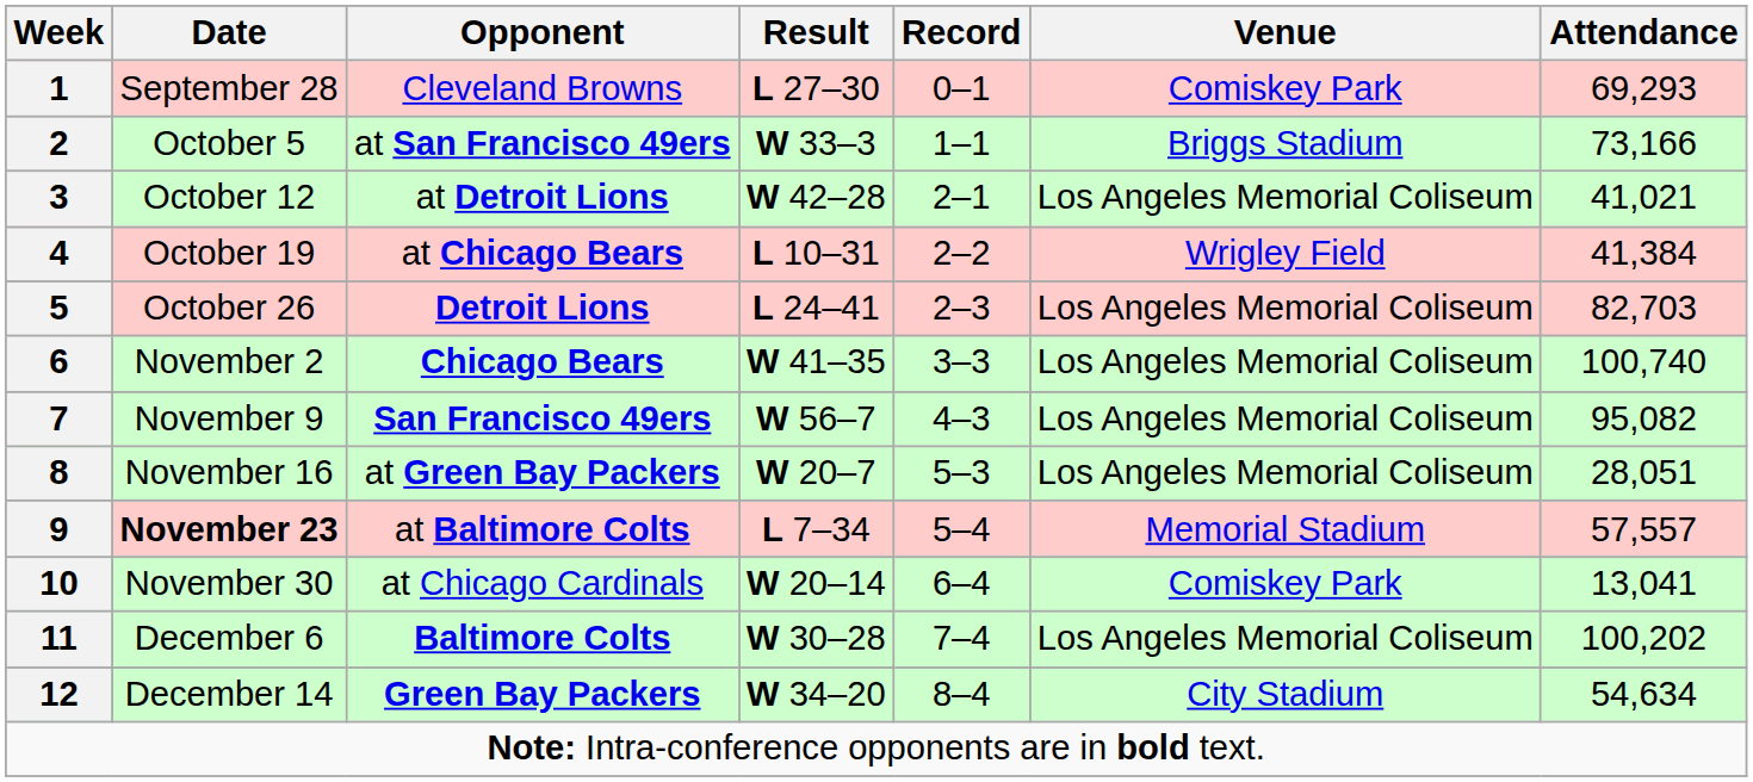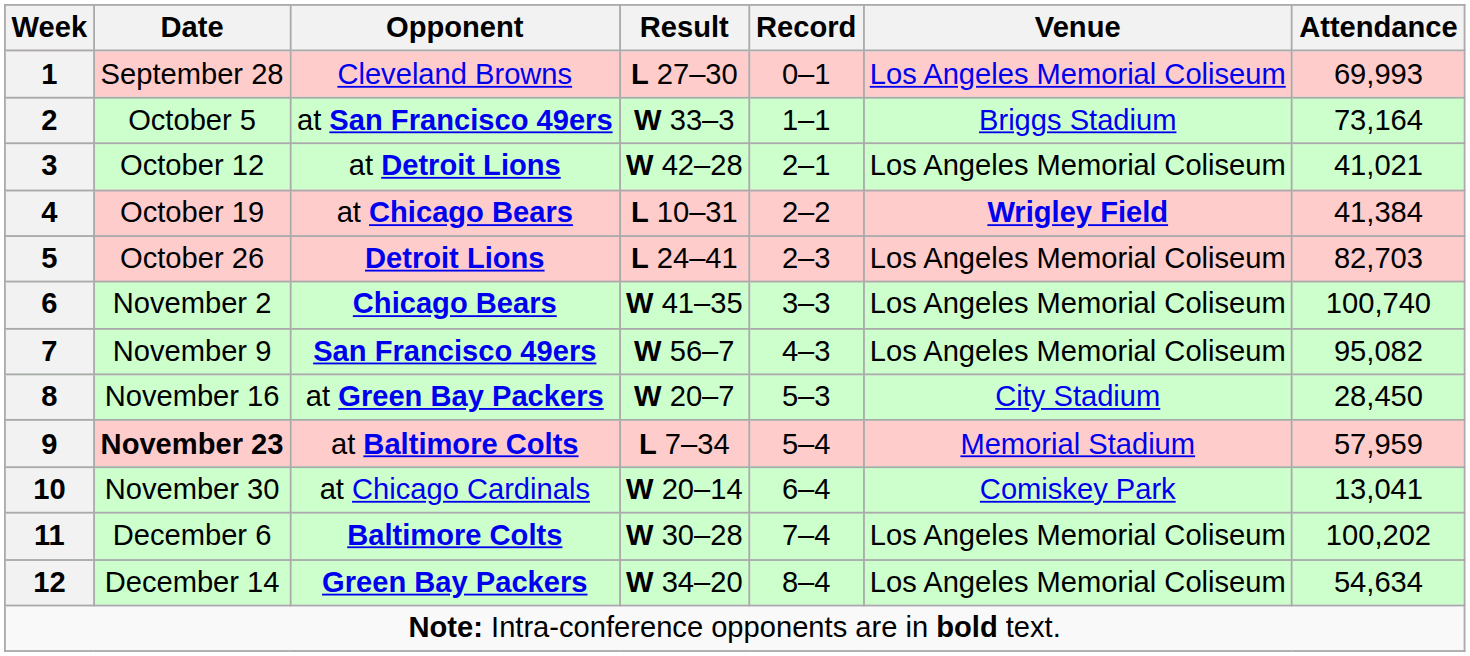 <table class="wikitable" style="text-align:center">
 <tr>
 <th>Week</th>
 <th>Date</th>
 <th>Opponent</th>
 <th>Result</th>
 <th>Record</th>
 <th>Venue</th>
 <th>Attendance</th>
 </tr>
 <tr style="background:#fcc">
 <th>1</th>
 <td>September 28</td>
 <td><a href='#'>Cleveland Browns</a></td>
 <td><strong>L</strong> 27–30</td>
 <td>0–1</td>
-<td><a href='#'>Comiskey Park</a></td>
-<td>69,293</td>
+<td><a href='#'>Los Angeles Memorial Coliseum</a></td>
+<td>69,993</td>
 </tr>
 <tr style="background:#cfc">
 <th>2</th>
 <td>October 5</td>
 <td>at <strong><a href='#'>San Francisco 49ers</a></strong></td>
 <td><strong>W</strong> 33–3</td>
 <td>1–1</td>
 <td><a href='#'>Briggs Stadium</a></td>
-<td>73,166</td>
+<td>73,164</td>
 </tr>
 <tr style="background:#cfc">
 <th>3</th>
 <td>October 12</td>
 <td>at <strong><a href='#'>Detroit Lions</a></strong></td>
 <td><strong>W</strong> 42–28</td>
 <td>2–1</td>
 <td>Los Angeles Memorial Coliseum</td>
 <td>41,021</td>
 </tr>
 <tr style="background:#fcc">
 <th>4</th>
 <td>October 19</td>
 <td>at <strong><a href='#'>Chicago Bears</a></strong></td>
 <td><strong>L</strong> 10–31</td>
 <td>2–2</td>
-<td><a href='#'>Wrigley Field</a></td>
+<td><strong><a href='#'>Wrigley Field</a></strong></td>
 <td>41,384</td>
 </tr>
 <tr style="background:#fcc">
 <th>5</th>
 <td>October 26</td>
 <td><strong><a href='#'>Detroit Lions</a></strong></td>
 <td><strong>L</strong> 24–41</td>
 <td>2–3</td>
 <td>Los Angeles Memorial Coliseum</td>
 <td>82,703</td>
 </tr>
 <tr style="background:#cfc">
 <th>6</th>
 <td>November 2</td>
 <td><strong><a href='#'>Chicago Bears</a></strong></td>
 <td><strong>W</strong> 41–35</td>
 <td>3–3</td>
 <td>Los Angeles Memorial Coliseum</td>
 <td>100,740</td>
 </tr>
 <tr style="background:#cfc">
 <th>7</th>
 <td>November 9</td>
 <td><strong><a href='#'>San Francisco 49ers</a></strong></td>
 <td><strong>W</strong> 56–7</td>
 <td>4–3</td>
 <td>Los Angeles Memorial Coliseum</td>
 <td>95,082</td>
 </tr>
 <tr style="background:#cfc">
 <th>8</th>
 <td>November 16</td>
 <td>at <strong><a href='#'>Green Bay Packers</a></strong></td>
 <td><strong>W</strong> 20–7</td>
 <td>5–3</td>
-<td>Los Angeles Memorial Coliseum</td>
-<td>28,051</td>
+<td><a href='#'>City Stadium</a></td>
+<td>28,450</td>
 </tr>
 <tr style="background:#fcc">
 <th>9</th>
 <td><strong>November 23</strong></td>
 <td>at <strong><a href='#'>Baltimore Colts</a></strong></td>
 <td><strong>L</strong> 7–34</td>
 <td>5–4</td>
 <td><a href='#'>Memorial Stadium</a></td>
-<td>57,557</td>
+<td>57,959</td>
 </tr>
 <tr style="background:#cfc">
 <th>10</th>
 <td>November 30</td>
 <td>at <a href='#'>Chicago Cardinals</a></td>
 <td><strong>W</strong> 20–14</td>
 <td>6–4</td>
 <td><a href='#'>Comiskey Park</a></td>
 <td>13,041</td>
 </tr>
 <tr style="background:#cfc">
 <th>11</th>
 <td>December 6</td>
 <td><strong><a href='#'>Baltimore Colts</a></strong></td>
 <td><strong>W</strong> 30–28</td>
 <td>7–4</td>
 <td>Los Angeles Memorial Coliseum</td>
 <td>100,202</td>
 </tr>
 <tr style="background:#cfc">
 <th>12</th>
 <td>December 14</td>
 <td><strong><a href='#'>Green Bay Packers</a></strong></td>
 <td><strong>W</strong> 34–20</td>
 <td>8–4</td>
-<td><a href='#'>City Stadium</a></td>
+<td>Los Angeles Memorial Coliseum</td>
 <td>54,634</td>
 </tr>
 <tr>
 <td colspan="8"><strong>Note:</strong> Intra-conference opponents are in <strong>bold</strong> text.</td>
 </tr>
 </table>
